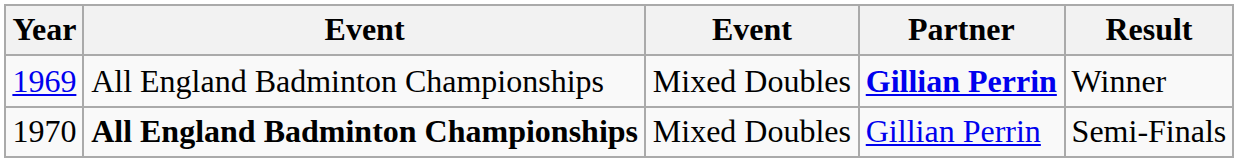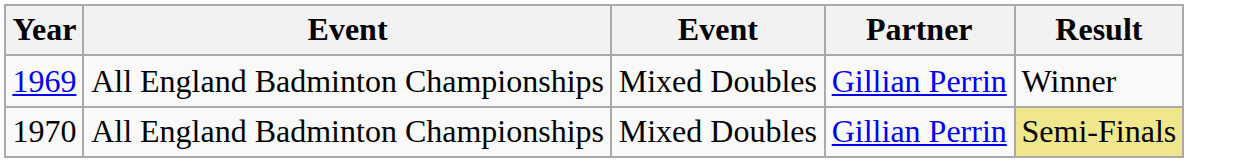 <table class="wikitable sortable mw-collapsible">
 <tr>
 <th>Year</th>
 <th>Event</th>
 <th>Event</th>
 <th>Partner</th>
 <th>Result</th>
 </tr>
 <tr>
 <td><a href='#'>1969</a></td>
 <td>All England Badminton Championships</td>
 <td>Mixed Doubles</td>
-<td><strong><a href='#'>Gillian Perrin</a></strong></td>
+<td><a href='#'>Gillian Perrin</a></td>
 <td>Winner</td>
 </tr>
 <tr>
 <td>1970</td>
-<td><strong>All England Badminton Championships</strong></td>
+<td>All England Badminton Championships</td>
 <td>Mixed Doubles</td>
 <td><a href='#'>Gillian Perrin</a></td>
-<td>Semi-Finals</td>
+<td style="background: khaki;">Semi-Finals</td>
 </tr>
 </table>
